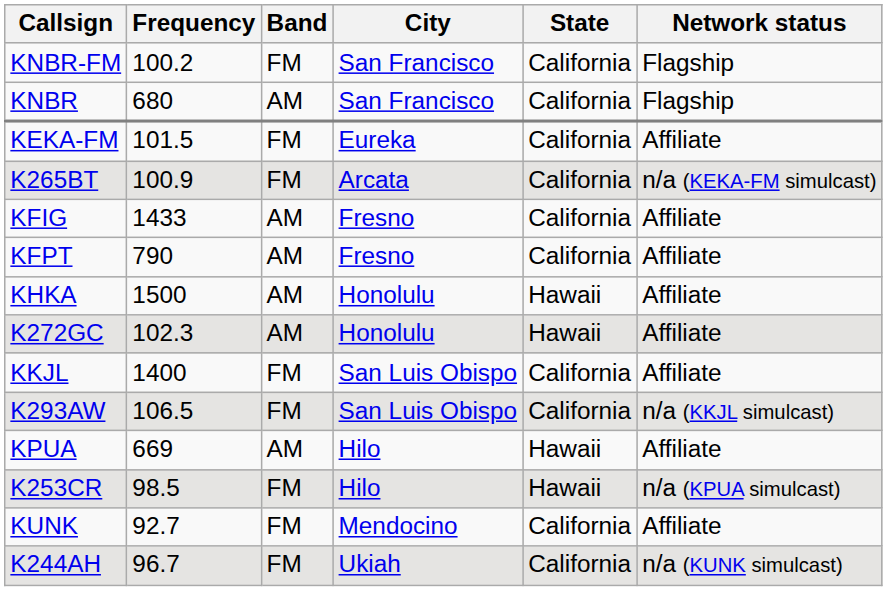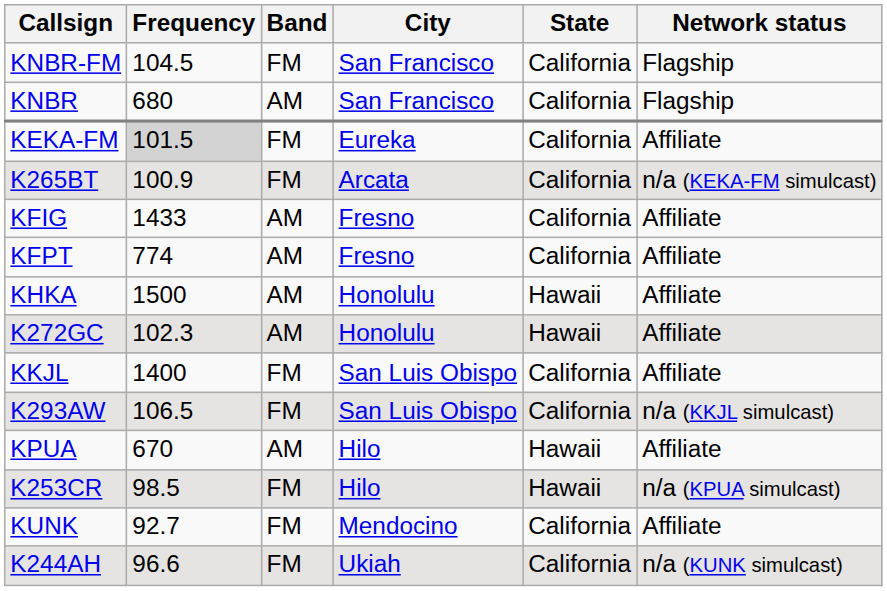 <table class="wikitable sortable">
 <tr>
 <th>Callsign</th>
 <th>Frequency</th>
 <th>Band</th>
 <th>City</th>
 <th>State</th>
 <th>Network status</th>
 </tr>
 <tr>
 <td><a href='#'>KNBR-FM</a></td>
-<td data-sort-value=104500>100.2</td>
+<td data-sort-value=104500>104.5</td>
 <td>FM</td>
 <td><a href='#'>San Francisco</a></td>
 <td>California</td>
 <td>Flagship</td>
 </tr>
 <tr style="border-bottom: 2px solid grey">
 <td><a href='#'>KNBR</a></td>
 <td data-sort-value=000680>680</td>
 <td>AM</td>
 <td><a href='#'>San Francisco</a></td>
 <td>California</td>
 <td>Flagship</td>
 </tr>
 <tr>
 <td><a href='#'>KEKA-FM</a></td>
-<td data-sort-value=101500>101.5</td>
+<td data-sort-value=101500 style="background: lightgrey;">101.5</td>
 <td>FM</td>
 <td><a href='#'>Eureka</a></td>
 <td>California</td>
 <td>Affiliate</td>
 </tr>
 <tr style="background:#E5E4E2">
 <td><a href='#'>K265BT</a></td>
 <td data-sort-value=100990>100.9</td>
 <td>FM</td>
 <td><a href='#'>Arcata</a></td>
 <td>California</td>
 <td>n/a <small>(<a href='#'>KEKA-FM</a> simulcast)</small></td>
 </tr>
 <tr>
 <td><a href='#'>KFIG</a></td>
 <td data-sort-value=001430>1433</td>
 <td>AM</td>
 <td><a href='#'>Fresno</a></td>
 <td>California</td>
 <td>Affiliate</td>
 </tr>
 <tr>
 <td><a href='#'>KFPT</a></td>
-<td data-sort-value=000790>790</td>
+<td data-sort-value=000790>774</td>
 <td>AM</td>
 <td><a href='#'>Fresno</a></td>
 <td>California</td>
 <td>Affiliate</td>
 </tr>
 <tr>
 <td><a href='#'>KHKA</a></td>
 <td data-sort-value=001500>1500</td>
 <td>AM</td>
 <td><a href='#'>Honolulu</a></td>
 <td>Hawaii</td>
 <td>Affiliate</td>
 </tr>
 <tr style="background:#E5E4E2">
 <td><a href='#'>K272GC</a></td>
 <td data-sort-value=102390>102.3</td>
 <td>AM</td>
 <td><a href='#'>Honolulu</a></td>
 <td>Hawaii</td>
 <td>Affiliate</td>
 </tr>
 <tr>
 <td><a href='#'>KKJL</a></td>
 <td data-sort-value=001400>1400</td>
 <td>FM</td>
 <td><a href='#'>San Luis Obispo</a></td>
 <td>California</td>
 <td>Affiliate</td>
 </tr>
 <tr style="background:#E5E4E2">
 <td><a href='#'>K293AW</a></td>
 <td data-sort-value=106590>106.5</td>
 <td>FM</td>
 <td><a href='#'>San Luis Obispo</a></td>
 <td>California</td>
 <td>n/a <small>(<a href='#'>KKJL</a> simulcast)</small></td>
 </tr>
 <tr>
 <td><a href='#'>KPUA</a></td>
-<td data-sort-value=000670>669</td>
+<td data-sort-value=000670>670</td>
 <td>AM</td>
 <td><a href='#'>Hilo</a></td>
 <td>Hawaii</td>
 <td>Affiliate</td>
 </tr>
 <tr style="background:#E5E4E2">
 <td><a href='#'>K253CR</a></td>
 <td data-sort-value=098590>98.5</td>
 <td>FM</td>
 <td><a href='#'>Hilo</a></td>
 <td>Hawaii</td>
 <td>n/a <small>(<a href='#'>KPUA</a> simulcast)</small></td>
 </tr>
 <tr>
 <td><a href='#'>KUNK</a></td>
 <td data-sort-value=092700>92.7</td>
 <td>FM</td>
 <td><a href='#'>Mendocino</a></td>
 <td>California</td>
 <td>Affiliate</td>
 </tr>
 <tr style="background:#E5E4E2">
 <td><a href='#'>K244AH</a></td>
-<td data-sort-value=096790>96.7</td>
+<td data-sort-value=096790>96.6</td>
 <td>FM</td>
 <td><a href='#'>Ukiah</a></td>
 <td>California</td>
 <td>n/a <small>(<a href='#'>KUNK</a> simulcast)</small></td>
 </tr>
 </table>
